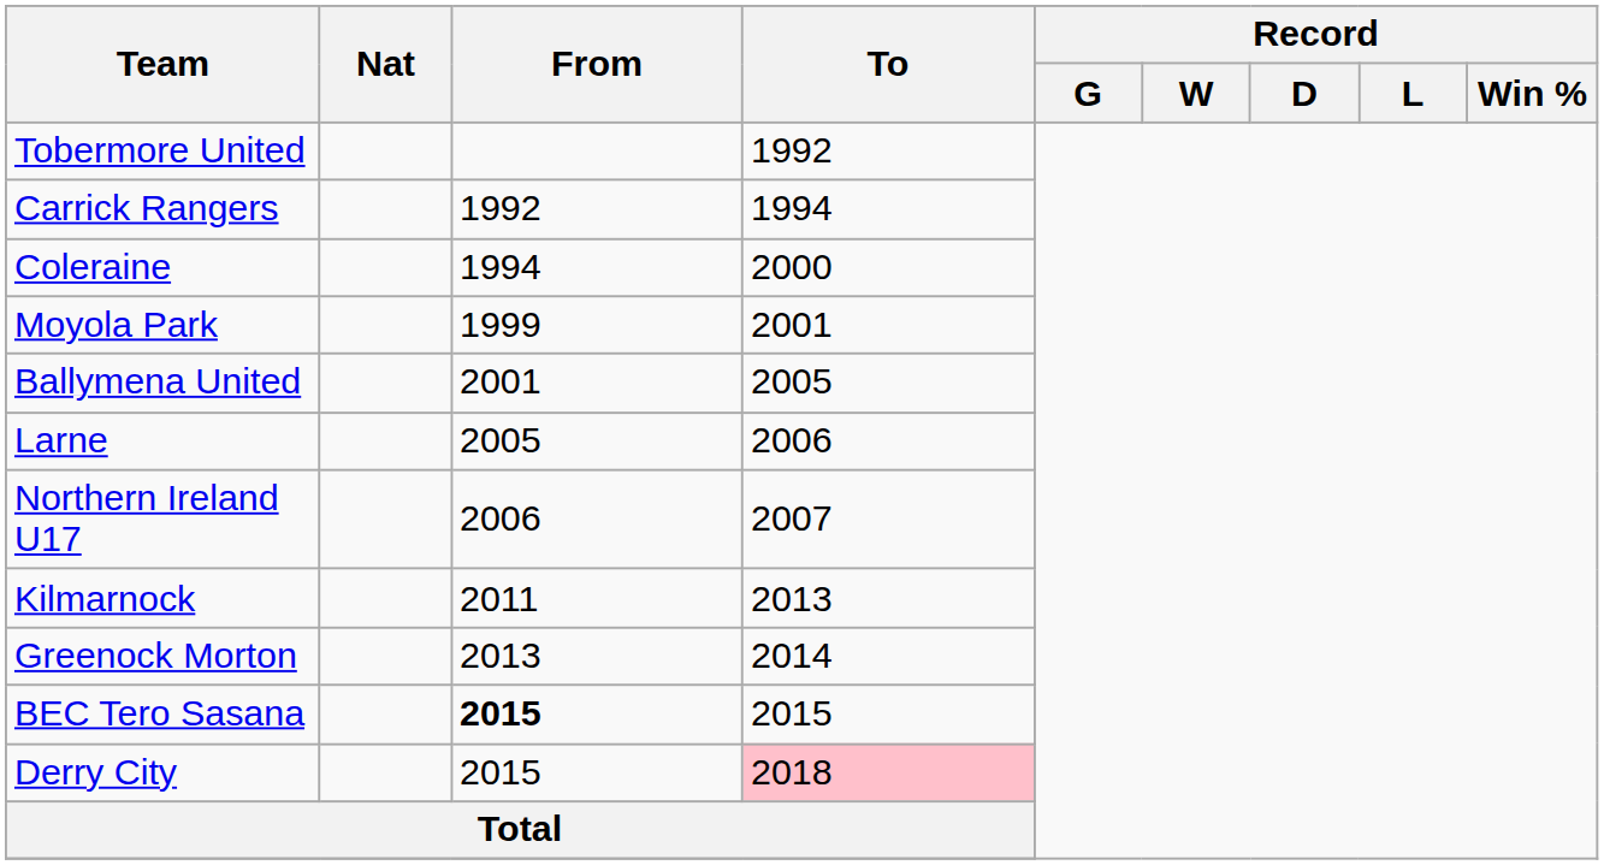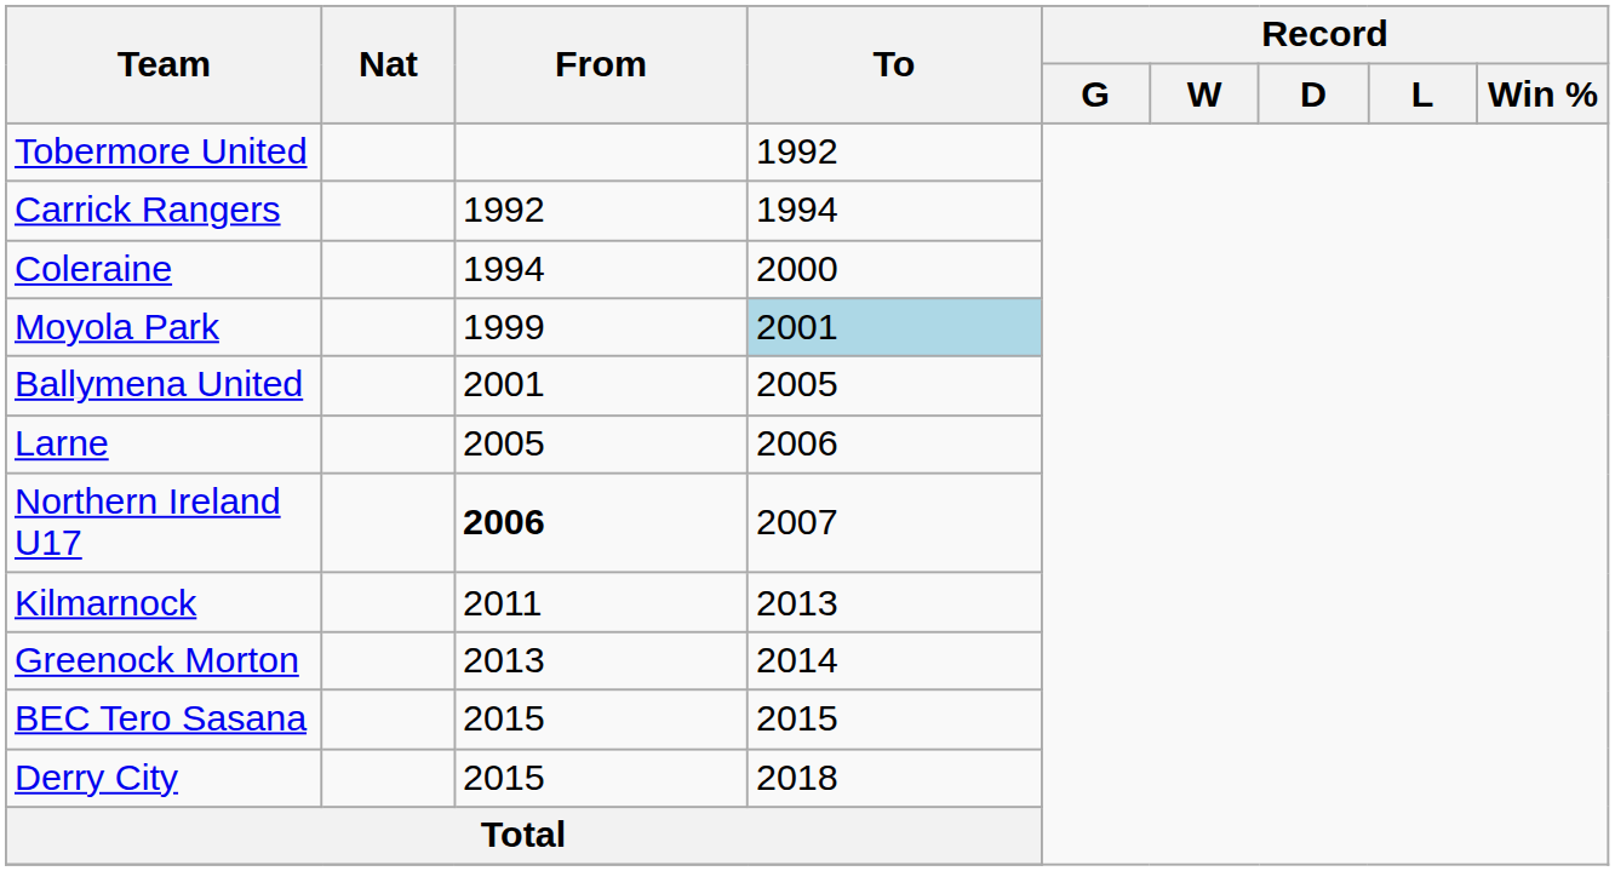 <table class="wikitable" style="text-align: center">
 <tr>
 <th style="width:130px;" rowspan="2">Team</th>
 <th style="width:50px;" rowspan="2">Nat</th>
 <th style="width:120px;" rowspan="2">From</th>
 <th style="width:120px;" rowspan="2">To</th>
 <th colspan=6>Record</th>
 </tr>
 <tr>
 <th width=40>G</th>
 <th width=40>W</th>
 <th width=40>D</th>
 <th width=40>L</th>
 <th width=50>Win %</th>
 </tr>
 <tr>
 <td align=left><a href='#'>Tobermore United</a></td>
 <td></td>
 <td align=left></td>
 <td align=left>1992<br></td>
 </tr>
 <tr>
 <td align=left><a href='#'>Carrick Rangers</a></td>
 <td></td>
 <td align=left>1992</td>
 <td align=left>1994<br></td>
 </tr>
 <tr>
 <td align=left><a href='#'>Coleraine</a></td>
 <td></td>
 <td align=left>1994</td>
 <td align=left>2000<br></td>
 </tr>
 <tr>
 <td align=left><a href='#'>Moyola Park</a></td>
 <td></td>
 <td align=left>1999</td>
-<td align=left>2001<br></td>
+<td align=left style="background: lightblue;">2001<br></td>
 </tr>
 <tr>
 <td align=left><a href='#'>Ballymena United</a></td>
 <td></td>
 <td align=left>2001</td>
 <td align=left>2005<br></td>
 </tr>
 <tr>
 <td align=left><a href='#'>Larne</a></td>
 <td></td>
 <td align=left>2005</td>
 <td align=left>2006<br></td>
 </tr>
 <tr>
 <td align=left><a href='#'>Northern Ireland U17</a></td>
 <td></td>
-<td align=left>2006</td>
+<td align=left><strong>2006</strong></td>
 <td align=left>2007<br></td>
 </tr>
 <tr>
 <td align=left><a href='#'>Kilmarnock</a></td>
 <td></td>
 <td align=left>2011</td>
 <td align=left>2013<br></td>
 </tr>
 <tr>
 <td align=left><a href='#'>Greenock Morton</a></td>
 <td></td>
 <td align=left>2013</td>
 <td align=left>2014<br></td>
 </tr>
 <tr>
 <td align=left><a href='#'>BEC Tero Sasana</a></td>
 <td></td>
-<td align=left><strong>2015</strong></td>
+<td align=left>2015</td>
 <td align=left>2015<br></td>
 </tr>
 <tr>
 <td align=left><a href='#'>Derry City</a></td>
 <td></td>
 <td align=left>2015</td>
-<td align=left style="background: pink;">2018<br></td>
+<td align=left>2018<br></td>
 </tr>
 <tr>
 <th colspan="4">Total<br></th>
 </tr>
 <tr>
 </tr>
 </table>
